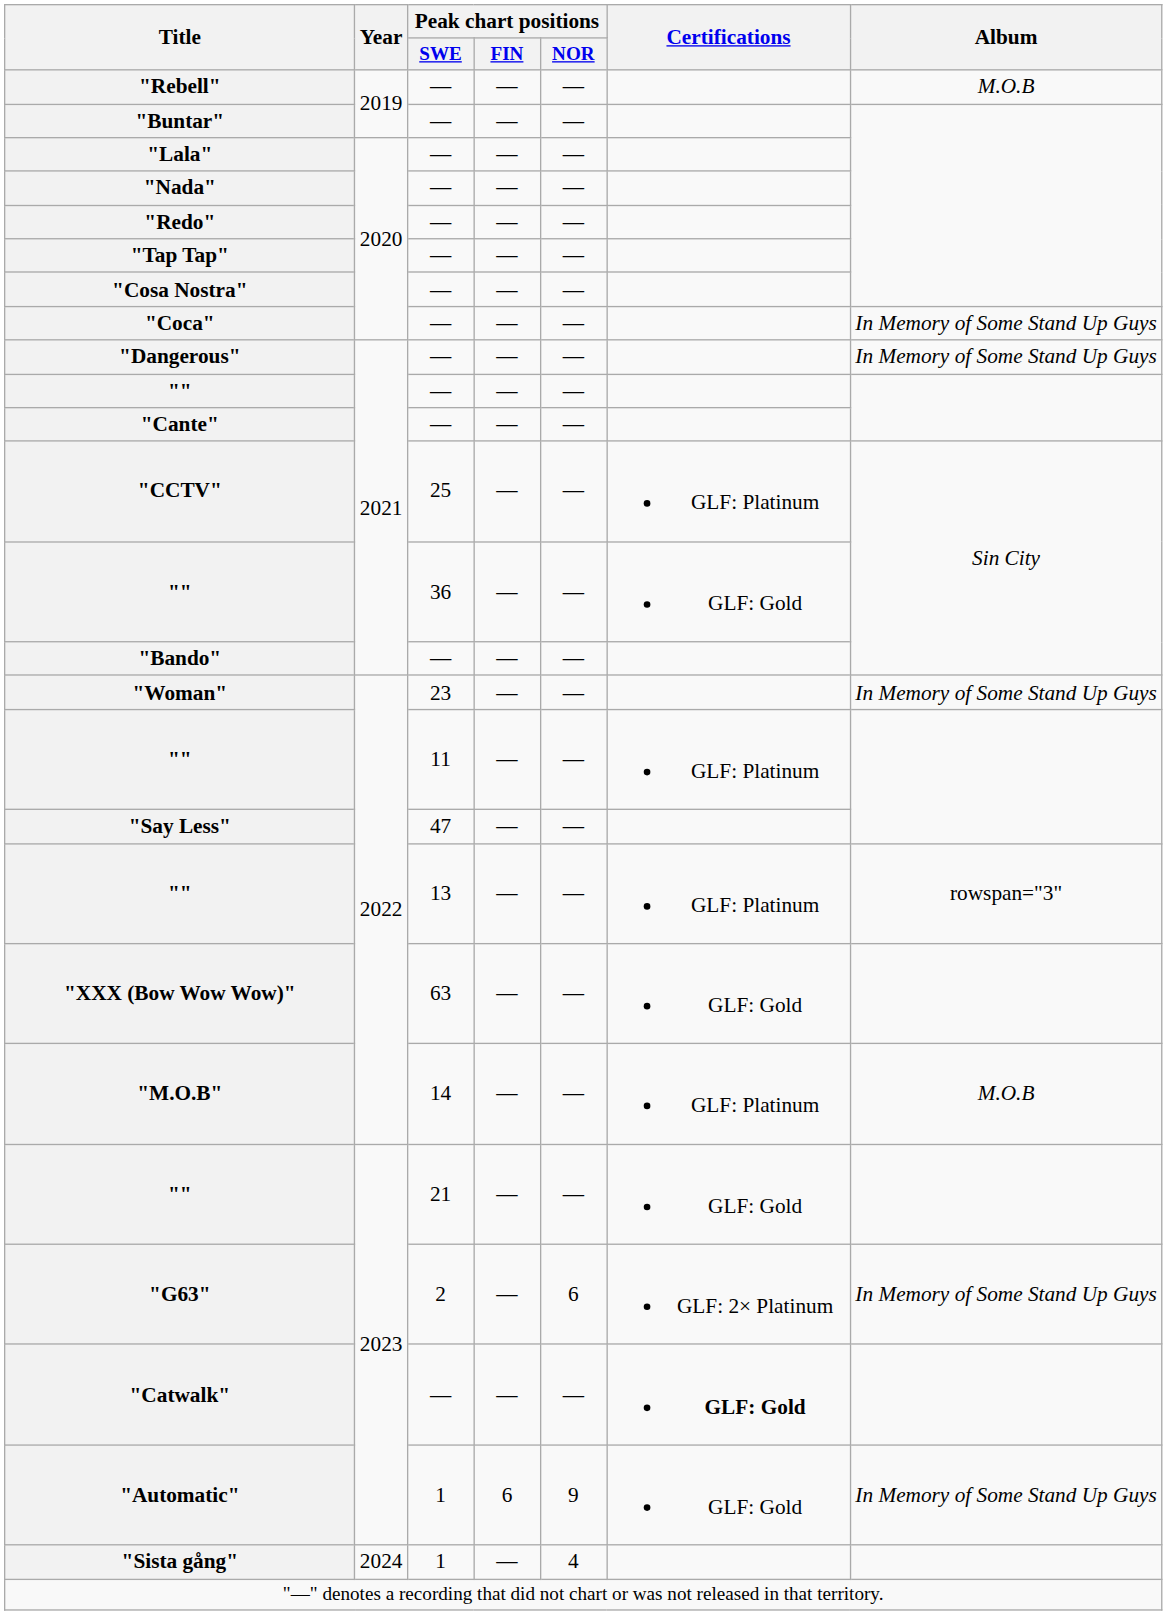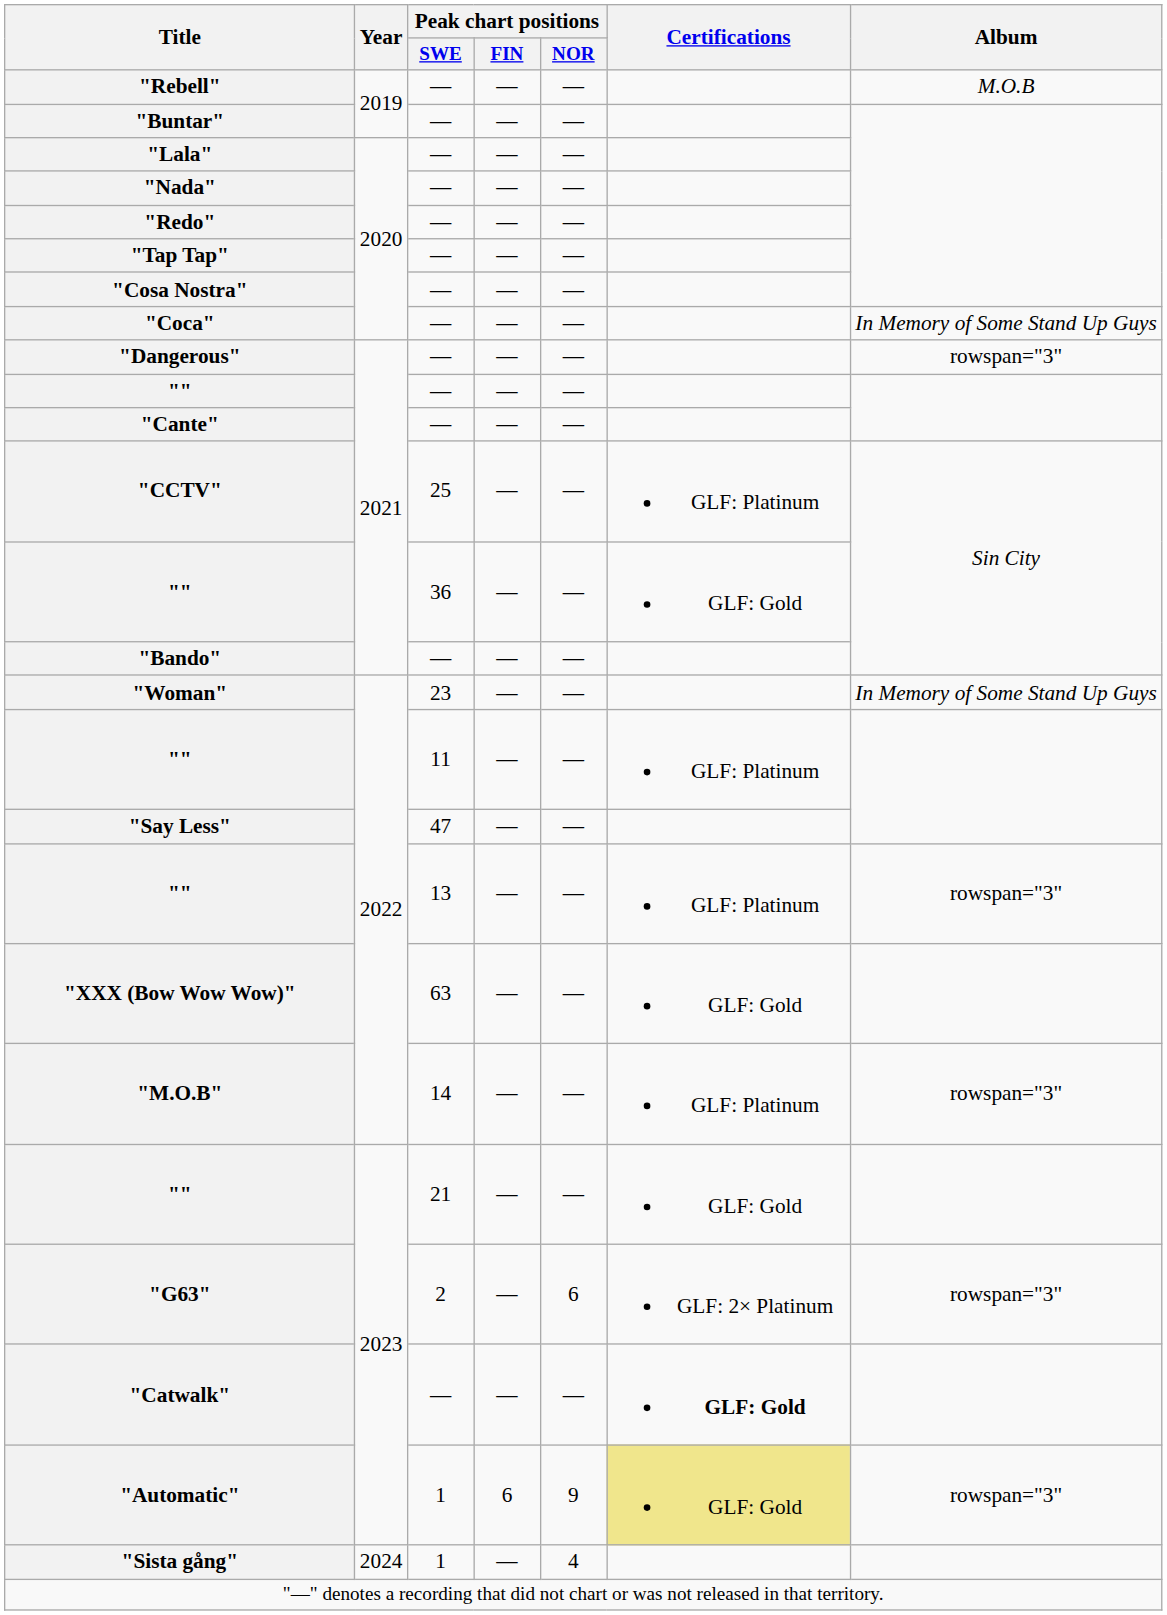 <table class="wikitable plainrowheaders" style="text-align:center;">
 <tr>
 <th scope="col" rowspan="2" style="width:16em;">Title</th>
 <th scope="col" rowspan="2">Year</th>
 <th scope="col" colspan="3">Peak chart positions</th>
 <th scope="col" rowspan="2" style="width:11em;"><a href='#'>Certifications</a></th>
 <th scope="col" rowspan="2">Album</th>
 </tr>
 <tr>
 <th scope="col" style="width:3em;font-size:90%;"><a href='#'>SWE</a><br></th>
 <th scope="col" style="width:3em;font-size:90%;"><a href='#'>FIN</a><br></th>
 <th scope="col" style="width:3em;font-size:90%;"><a href='#'>NOR</a><br></th>
 </tr>
 <tr>
 <th scope="row">"Rebell"</th>
 <td rowspan="2">2019</td>
 <td>—</td>
 <td>—</td>
 <td>—</td>
 <td></td>
 <td><em>M.O.B</em></td>
 </tr>
 <tr>
 <th scope="row">"Buntar"<br></th>
 <td>—</td>
 <td>—</td>
 <td>—</td>
 <td></td>
 </tr>
 <tr>
 <th scope="row">"Lala"</th>
 <td rowspan="6">2020</td>
 <td>—</td>
 <td>—</td>
 <td>—</td>
 <td></td>
 </tr>
 <tr>
 <th scope="row">"Nada"</th>
 <td>—</td>
 <td>—</td>
 <td>—</td>
 <td></td>
 </tr>
 <tr>
 <th scope="row">"Redo"</th>
 <td>—</td>
 <td>—</td>
 <td>—</td>
 <td></td>
 </tr>
 <tr>
 <th scope="row">"Tap Tap"</th>
 <td>—</td>
 <td>—</td>
 <td>—</td>
 <td></td>
 </tr>
 <tr>
 <th scope="row">"Cosa Nostra"<br></th>
 <td>—</td>
 <td>—</td>
 <td>—</td>
 <td></td>
 </tr>
 <tr>
 <th scope="row">"Coca"</th>
 <td>—</td>
 <td>—</td>
 <td>—</td>
 <td></td>
 <td><em>In Memory of Some Stand Up Guys</em></td>
 </tr>
 <tr>
 <th scope="row">"Dangerous"</th>
 <td rowspan="6">2021</td>
 <td>—</td>
 <td>—</td>
 <td>—</td>
 <td></td>
-<td><em>In Memory of Some Stand Up Guys</em></td>
+<td>rowspan="3"</td>
 </tr>
 <tr>
 <th scope="row">""</th>
 <td>—</td>
 <td>—</td>
 <td>—</td>
 <td></td>
 </tr>
 <tr>
 <th scope="row">"Cante"</th>
 <td>—</td>
 <td>—</td>
 <td>—</td>
 <td></td>
 </tr>
 <tr>
 <th scope="row">"CCTV"</th>
 <td>25</td>
 <td>—</td>
 <td>—</td>
 <td><br><ul><li>GLF: Platinum</li></ul></td>
 <td rowspan="3"><em>Sin City</em></td>
 </tr>
 <tr>
 <th scope="row">""</th>
 <td>36</td>
 <td>—</td>
 <td>—</td>
 <td><br><ul><li>GLF: Gold</li></ul></td>
 </tr>
 <tr>
 <th scope="row">"Bando"</th>
 <td>—</td>
 <td>—</td>
 <td>—</td>
 <td></td>
 </tr>
 <tr>
 <th scope="row">"Woman"</th>
 <td rowspan="6">2022</td>
 <td>23</td>
 <td>—</td>
 <td>—</td>
 <td></td>
 <td><em>In Memory of Some Stand Up Guys</em></td>
 </tr>
 <tr>
 <th scope="row">""</th>
 <td>11</td>
 <td>—</td>
 <td>—</td>
 <td><br><ul><li>GLF: Platinum</li></ul></td>
 </tr>
 <tr>
 <th scope="row">"Say Less"</th>
 <td>47</td>
 <td>—</td>
 <td>—</td>
 <td></td>
 </tr>
 <tr>
 <th scope="row">""<br></th>
 <td>13</td>
 <td>—</td>
 <td>—</td>
 <td><br><ul><li>GLF: Platinum</li></ul></td>
 <td>rowspan="3"</td>
 </tr>
 <tr>
 <th scope="row">"XXX (Bow Wow Wow)"</th>
 <td>63</td>
 <td>—</td>
 <td>—</td>
 <td><br><ul><li>GLF: Gold</li></ul></td>
 <td></td>
 </tr>
 <tr>
 <th scope="row">"M.O.B"<br></th>
 <td>14</td>
 <td>—</td>
 <td>—</td>
 <td><br><ul><li>GLF: Platinum</li></ul></td>
-<td><em>M.O.B</em></td>
+<td>rowspan="3"</td>
 </tr>
 <tr>
 <th scope="row">""<br></th>
 <td rowspan="4">2023</td>
 <td>21</td>
 <td>—</td>
 <td>—</td>
 <td><br><ul><li>GLF: Gold</li></ul></td>
 <td></td>
 </tr>
 <tr>
 <th scope="row">"G63"</th>
 <td>2</td>
 <td>—</td>
 <td>6</td>
 <td><br><ul><li>GLF: 2× Platinum</li></ul></td>
-<td><em>In Memory of Some Stand Up Guys</em></td>
+<td>rowspan="3"</td>
 </tr>
 <tr>
 <th scope="row">"Catwalk"</th>
 <td>—</td>
 <td>—</td>
 <td>—</td>
 <td><strong><br><ul><li>GLF: Gold</li></ul></strong></td>
 <td></td>
 </tr>
 <tr>
 <th scope="row">"Automatic"</th>
 <td>1</td>
 <td>6</td>
 <td>9</td>
-<td><br><ul><li>GLF: Gold</li></ul></td>
-<td><em>In Memory of Some Stand Up Guys</em></td>
+<td style="background: khaki;"><br><ul><li>GLF: Gold</li></ul></td>
+<td>rowspan="3"</td>
 </tr>
 <tr>
 <th scope="row">"Sista gång"</th>
 <td>2024</td>
 <td>1</td>
 <td>—</td>
 <td>4<br></td>
 <td></td>
 <td></td>
 </tr>
 <tr>
 <td colspan="11" style="font-size:90%">"—" denotes a recording that did not chart or was not released in that territory.</td>
 </tr>
 </table>
